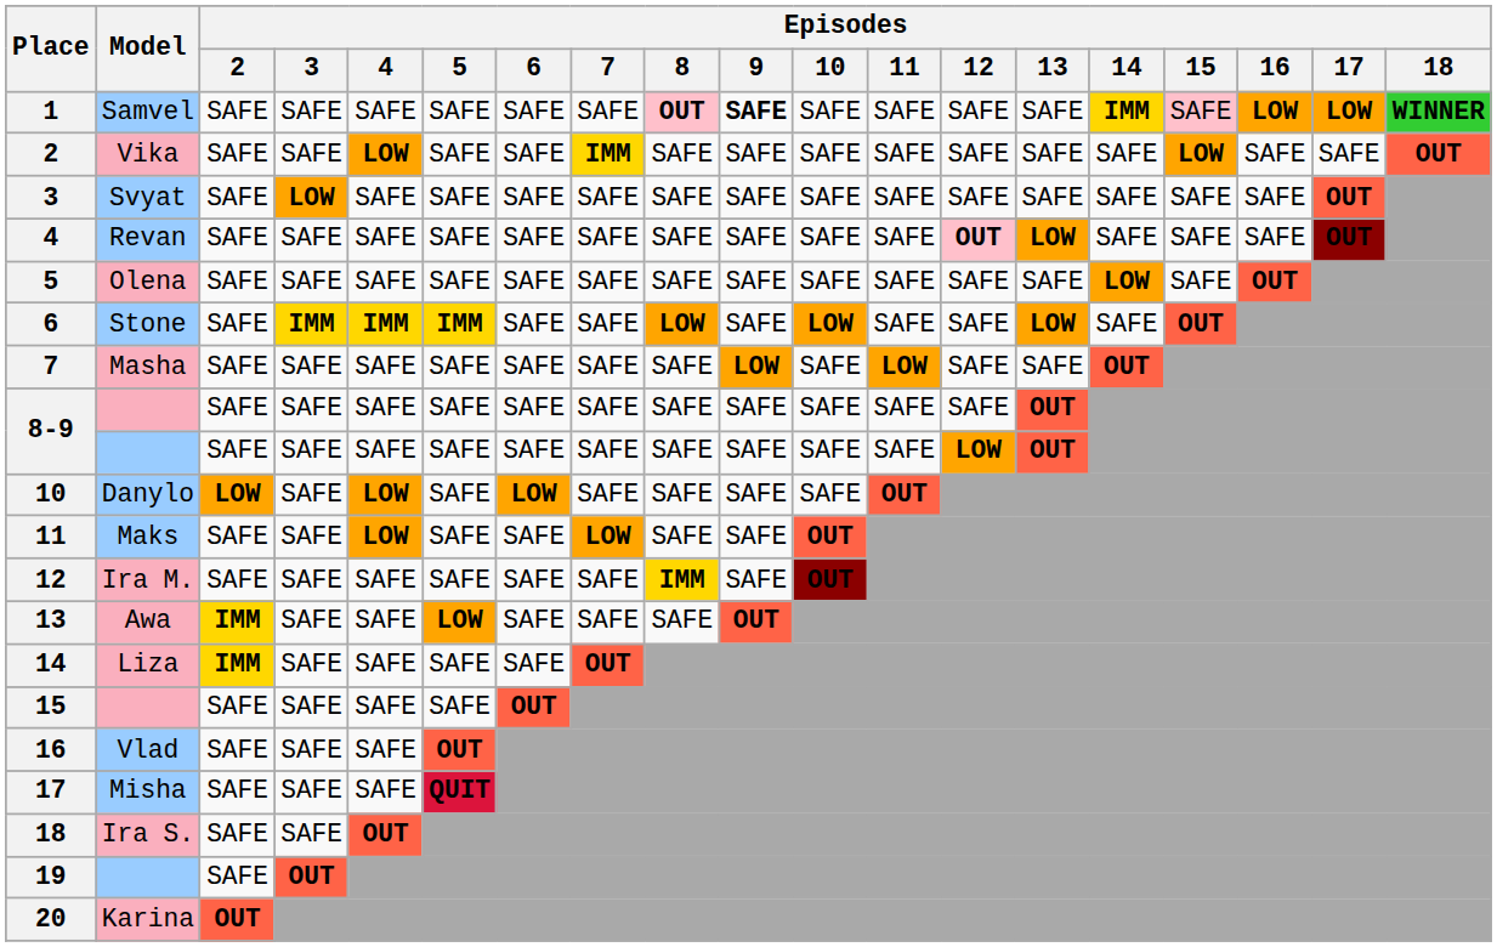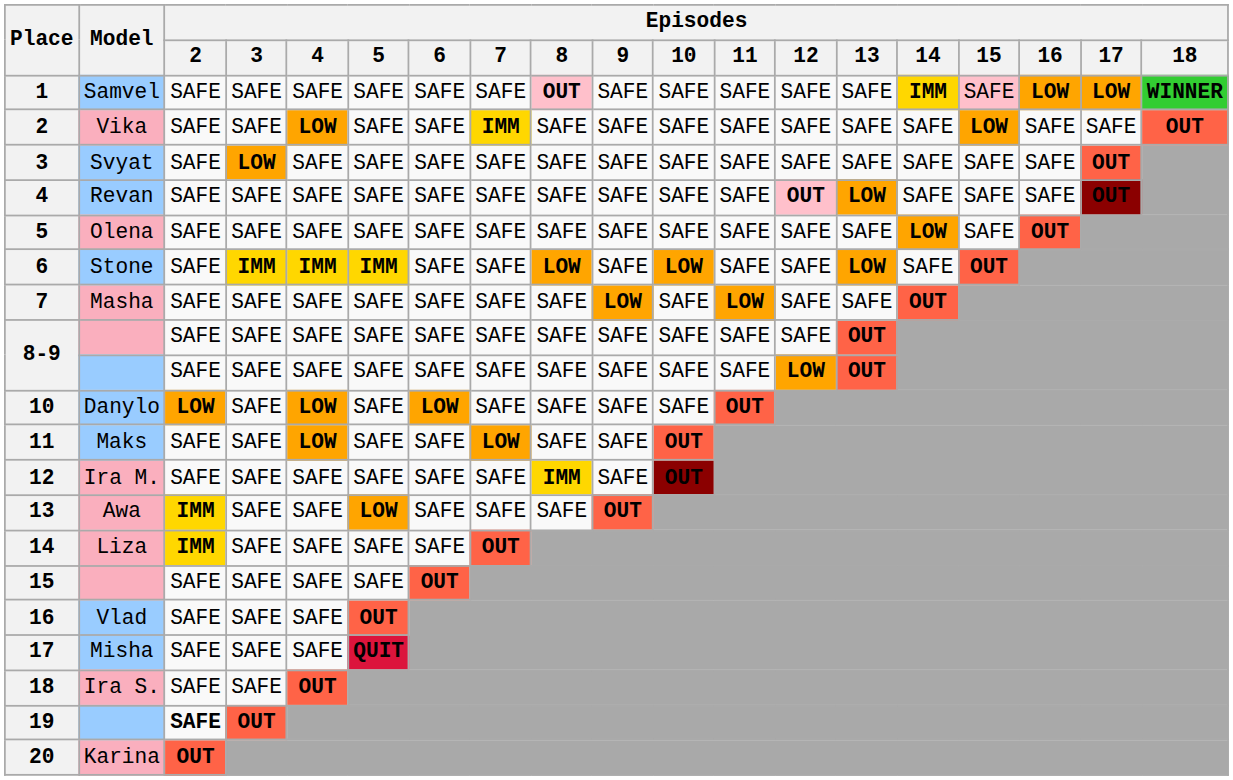 <table class="wikitable" style="text-align:center; font-size:92%">
 <tr>
 <th rowspan="2">Place</th>
 <th rowspan="2">Model</th>
 <th colspan="17">Episodes</th>
 </tr>
 <tr>
 <th>2</th>
 <th>3</th>
 <th>4</th>
 <th>5</th>
 <th>6</th>
 <th>7</th>
 <th>8</th>
 <th>9</th>
 <th>10</th>
 <th>11</th>
 <th>12</th>
 <th>13</th>
 <th>14</th>
 <th>15</th>
 <th>16</th>
 <th>17</th>
 <th>18</th>
 </tr>
 <tr>
 <th>1</th>
 <td style="background:#9cf;">Samvel</td>
 <td>SAFE</td>
 <td>SAFE</td>
 <td>SAFE</td>
 <td>SAFE</td>
 <td>SAFE</td>
 <td>SAFE</td>
 <td style="background:pink;"><strong>OUT</strong></td>
-<td><strong>SAFE</strong></td>
+<td>SAFE</td>
 <td>SAFE</td>
 <td>SAFE</td>
 <td>SAFE</td>
 <td>SAFE</td>
 <td style="background:gold;"><strong>IMM</strong></td>
 <td style="background: pink;">SAFE</td>
 <td style="background:orange;"><strong>LOW</strong></td>
 <td style="background:orange;"><strong>LOW</strong></td>
 <td style="background:limegreen;"><strong>WINNER</strong></td>
 </tr>
 <tr>
 <th>2</th>
 <td style="background:#faafbe">Vika</td>
 <td>SAFE</td>
 <td>SAFE</td>
 <td style="background:orange;"><strong>LOW</strong></td>
 <td>SAFE</td>
 <td>SAFE</td>
 <td style="background:gold;"><strong>IMM</strong></td>
 <td>SAFE</td>
 <td>SAFE</td>
 <td>SAFE</td>
 <td>SAFE</td>
 <td>SAFE</td>
 <td>SAFE</td>
 <td>SAFE</td>
 <td style="background:orange;"><strong>LOW</strong></td>
 <td>SAFE</td>
 <td>SAFE</td>
 <td style="background:tomato;"><strong>OUT</strong></td>
 </tr>
 <tr>
 <th>3</th>
 <td style="background:#9cf;">Svyat</td>
 <td>SAFE</td>
 <td style="background:orange;"><strong>LOW</strong></td>
 <td>SAFE</td>
 <td>SAFE</td>
 <td>SAFE</td>
 <td>SAFE</td>
 <td>SAFE</td>
 <td>SAFE</td>
 <td>SAFE</td>
 <td>SAFE</td>
 <td>SAFE</td>
 <td>SAFE</td>
 <td>SAFE</td>
 <td>SAFE</td>
 <td>SAFE</td>
 <td style="background:tomato;"><strong>OUT</strong></td>
 <td rowspan="2" colspan="1" style="background:darkgrey"></td>
 </tr>
 <tr>
 <th>4</th>
 <td style="background:#9cf;">Revan</td>
 <td>SAFE</td>
 <td>SAFE</td>
 <td>SAFE</td>
 <td>SAFE</td>
 <td>SAFE</td>
 <td>SAFE</td>
 <td>SAFE</td>
 <td>SAFE</td>
 <td>SAFE</td>
 <td>SAFE</td>
 <td style="background:pink;"><strong>OUT</strong></td>
 <td style="background:orange;"><strong>LOW</strong></td>
 <td>SAFE</td>
 <td>SAFE</td>
 <td>SAFE</td>
 <td style="background:darkred"><span><strong>OUT</strong></span></td>
 </tr>
 <tr>
 <th>5</th>
 <td style="background:#faafbe">Olena</td>
 <td>SAFE</td>
 <td>SAFE</td>
 <td>SAFE</td>
 <td>SAFE</td>
 <td>SAFE</td>
 <td>SAFE</td>
 <td>SAFE</td>
 <td>SAFE</td>
 <td>SAFE</td>
 <td>SAFE</td>
 <td>SAFE</td>
 <td>SAFE</td>
 <td style="background:orange;"><strong>LOW</strong></td>
 <td>SAFE</td>
 <td style="background:tomato;"><strong>OUT</strong></td>
 <td colspan="2" style="background:darkgrey"></td>
 </tr>
 <tr>
 <th>6</th>
 <td style="background:#9cf;">Stone</td>
 <td>SAFE</td>
 <td style="background:gold;"><strong>IMM</strong></td>
 <td style="background:gold;"><strong>IMM</strong></td>
 <td style="background:gold;"><strong>IMM</strong></td>
 <td>SAFE</td>
 <td>SAFE</td>
 <td style="background:orange;"><strong>LOW</strong></td>
 <td>SAFE</td>
 <td style="background:orange;"><strong>LOW</strong></td>
 <td>SAFE</td>
 <td>SAFE</td>
 <td style="background:orange;"><strong>LOW</strong></td>
 <td>SAFE</td>
 <td style="background:tomato;"><strong>OUT</strong></td>
 <td colspan="4" style="background:darkgrey"></td>
 </tr>
 <tr>
 <th>7</th>
 <td style="background:#faafbe">Masha</td>
 <td>SAFE</td>
 <td>SAFE</td>
 <td>SAFE</td>
 <td>SAFE</td>
 <td>SAFE</td>
 <td>SAFE</td>
 <td>SAFE</td>
 <td style="background:orange;"><strong>LOW</strong></td>
 <td>SAFE</td>
 <td style="background:orange;"><strong>LOW</strong></td>
 <td>SAFE</td>
 <td>SAFE</td>
 <td style="background:tomato;"><strong>OUT</strong></td>
 <td colspan="4" style="background:darkgrey"></td>
 </tr>
 <tr>
 <th rowspan="2">8-9</th>
 <td style="background:#faafbe"></td>
 <td>SAFE</td>
 <td>SAFE</td>
 <td>SAFE</td>
 <td>SAFE</td>
 <td>SAFE</td>
 <td>SAFE</td>
 <td>SAFE</td>
 <td>SAFE</td>
 <td>SAFE</td>
 <td>SAFE</td>
 <td>SAFE</td>
 <td style="background:tomato;"><strong>OUT</strong></td>
 <td rowspan="2" colspan="6" style="background:darkgrey"></td>
 </tr>
 <tr>
 <td style="background:#9cf;"></td>
 <td>SAFE</td>
 <td>SAFE</td>
 <td>SAFE</td>
 <td>SAFE</td>
 <td>SAFE</td>
 <td>SAFE</td>
 <td>SAFE</td>
 <td>SAFE</td>
 <td>SAFE</td>
 <td>SAFE</td>
 <td style="background:orange;"><strong>LOW</strong></td>
 <td style="background:tomato;"><strong>OUT</strong></td>
 </tr>
 <tr>
 <th>10</th>
 <td style="background:#9cf;">Danylo</td>
 <td style="background:orange;"><strong>LOW</strong></td>
 <td>SAFE</td>
 <td style="background:orange;"><strong>LOW</strong></td>
 <td>SAFE</td>
 <td style="background:orange;"><strong>LOW</strong></td>
 <td>SAFE</td>
 <td>SAFE</td>
 <td>SAFE</td>
 <td>SAFE</td>
 <td style="background:tomato;"><strong>OUT</strong></td>
 <td colspan="7" style="background:darkgrey"></td>
 </tr>
 <tr>
 <th>11</th>
 <td style="background:#9cf;">Maks</td>
 <td>SAFE</td>
 <td>SAFE</td>
 <td style="background:orange;"><strong>LOW</strong></td>
 <td>SAFE</td>
 <td>SAFE</td>
 <td style="background:orange;"><strong>LOW</strong></td>
 <td>SAFE</td>
 <td>SAFE</td>
 <td style="background:tomato;"><strong>OUT</strong></td>
 <td rowspan="2" colspan="8" style="background:darkgrey"></td>
 </tr>
 <tr>
 <th>12</th>
 <td style="background:#faafbe">Ira M.</td>
 <td>SAFE</td>
 <td>SAFE</td>
 <td>SAFE</td>
 <td>SAFE</td>
 <td>SAFE</td>
 <td>SAFE</td>
 <td style="background:gold;"><strong>IMM</strong></td>
 <td>SAFE</td>
 <td style="background:darkred"><span><strong>OUT</strong></span></td>
 </tr>
 <tr>
 <th>13</th>
 <td style="background:#faafbe">Awa</td>
 <td style="background:gold;"><strong>IMM</strong></td>
 <td>SAFE</td>
 <td>SAFE</td>
 <td style="background:orange;"><strong>LOW</strong></td>
 <td>SAFE</td>
 <td>SAFE</td>
 <td>SAFE</td>
 <td style="background:tomato;"><strong>OUT</strong></td>
 <td colspan="9" style="background:darkgrey"></td>
 </tr>
 <tr>
 <th>14</th>
 <td style="background:#faafbe">Liza</td>
 <td style="background:gold;"><strong>IMM</strong></td>
 <td>SAFE</td>
 <td>SAFE</td>
 <td>SAFE</td>
 <td>SAFE</td>
 <td style="background:tomato;"><strong>OUT</strong></td>
 <td colspan="11" style="background:darkgrey"></td>
 </tr>
 <tr>
 <th>15</th>
 <td style="background:#faafbe"></td>
 <td>SAFE</td>
 <td>SAFE</td>
 <td>SAFE</td>
 <td>SAFE</td>
 <td style="background:tomato;"><strong>OUT</strong></td>
 <td colspan="12" style="background:darkgrey"></td>
 </tr>
 <tr>
 <th>16</th>
 <td style="background:#9cf;">Vlad</td>
 <td>SAFE</td>
 <td>SAFE</td>
 <td>SAFE</td>
 <td style="background:tomato;"><strong>OUT</strong></td>
 <td rowspan="2" colspan="13" style="background:darkgrey"></td>
 </tr>
 <tr>
 <th>17</th>
 <td style="background:#9cf;">Misha</td>
 <td>SAFE</td>
 <td>SAFE</td>
 <td>SAFE</td>
 <td style=background:crimson;><span><strong>QUIT</strong></span></td>
 </tr>
 <tr>
 <th>18</th>
 <td style="background:#faafbe">Ira S.</td>
 <td>SAFE</td>
 <td>SAFE</td>
 <td style="background:tomato;"><strong>OUT</strong></td>
 <td colspan="14" style="background:darkgrey"></td>
 </tr>
 <tr>
 <th>19</th>
 <td style="background:#9cf;"></td>
-<td>SAFE</td>
+<td><strong>SAFE</strong></td>
 <td style="background:tomato;"><strong>OUT</strong></td>
 <td colspan="15" style="background:darkgrey"></td>
 </tr>
 <tr>
 <th>20</th>
 <td style="background:#faafbe">Karina</td>
 <td style="background:tomato;"><strong>OUT</strong></td>
 <td colspan="16" style="background:darkgrey"></td>
 </tr>
 </table>
